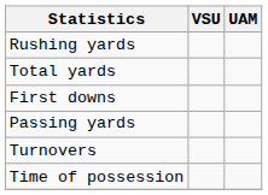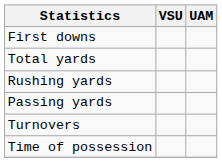 <table class="wikitable" style="float: left;">
 <tr>
 <th>Statistics</th>
 <th>VSU</th>
 <th>UAM</th>
 </tr>
 <tr>
-<td>Rushing yards</td>
+<td>First downs</td>
 <td></td>
 <td></td>
 </tr>
 <tr>
 <td>Total yards</td>
 <td></td>
 <td></td>
 </tr>
 <tr>
-<td>First downs</td>
+<td>Rushing yards</td>
 <td></td>
 <td></td>
 </tr>
 <tr>
 <td>Passing yards</td>
 <td></td>
 <td></td>
 </tr>
 <tr>
 <td>Turnovers</td>
 <td></td>
 <td></td>
 </tr>
 <tr>
 <td>Time of possession</td>
 <td></td>
 <td></td>
 </tr>
 <tr>
 </tr>
 </table>
